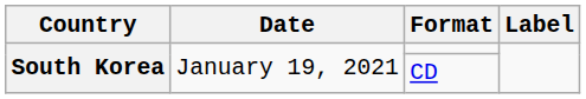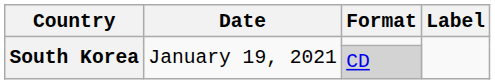 <table class="wikitable plainrowheaders">
 <tr>
 <th scope="col">Country</th>
 <th scope="col">Date</th>
 <th scope="col">Format</th>
 <th scope="col">Label</th>
 </tr>
 <tr>
 <th scope="row" rowspan="2">South Korea</th>
 <td rowspan="2">January 19, 2021</td>
 <td></td>
 <td rowspan="2"></td>
 </tr>
 <tr>
-<td><a href='#'>CD</a></td>
+<td style="background: lightgrey;"><a href='#'>CD</a></td>
 </tr>
 </table>
